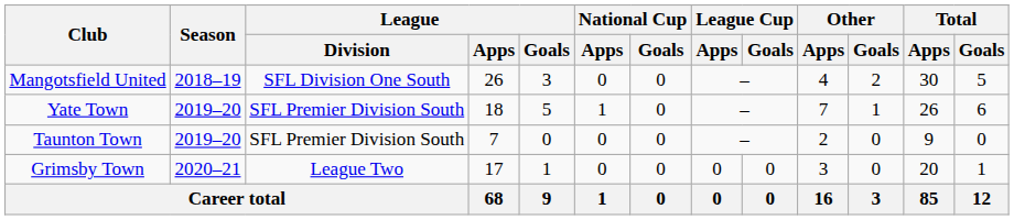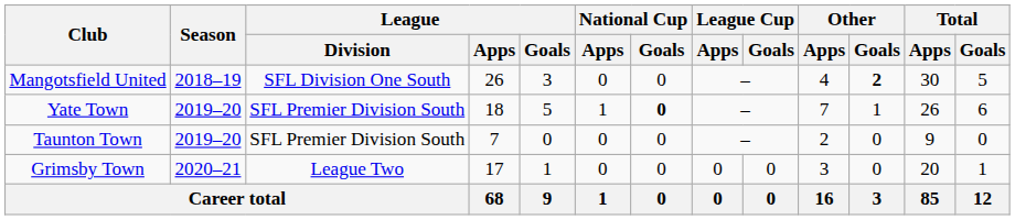 <table class="wikitable" style="text-align: center">
 <tr>
 <th rowspan="2">Club</th>
 <th rowspan="2">Season</th>
 <th colspan="3">League</th>
 <th colspan="2">National Cup</th>
 <th colspan="2">League Cup</th>
 <th colspan="2">Other</th>
 <th colspan="2">Total</th>
 </tr>
 <tr>
 <th>Division</th>
 <th>Apps</th>
 <th>Goals</th>
 <th>Apps</th>
 <th>Goals</th>
 <th>Apps</th>
 <th>Goals</th>
 <th>Apps</th>
 <th>Goals</th>
 <th>Apps</th>
 <th>Goals</th>
 </tr>
 <tr>
 <td><a href='#'>Mangotsfield United</a></td>
 <td><a href='#'>2018–19</a></td>
 <td><a href='#'>SFL Division One South</a></td>
 <td>26</td>
 <td>3</td>
 <td>0</td>
 <td>0</td>
 <td colspan="2">–</td>
 <td>4</td>
-<td>2</td>
+<td><strong>2</strong></td>
 <td>30</td>
 <td>5</td>
 </tr>
 <tr>
 <td><a href='#'>Yate Town</a></td>
 <td><a href='#'>2019–20</a></td>
 <td><a href='#'>SFL Premier Division South</a></td>
 <td>18</td>
 <td>5</td>
 <td>1</td>
-<td>0</td>
+<td><strong>0</strong></td>
 <td colspan="2">–</td>
 <td>7</td>
 <td>1</td>
 <td>26</td>
 <td>6</td>
 </tr>
 <tr>
 <td><a href='#'>Taunton Town</a></td>
 <td><a href='#'>2019–20</a></td>
 <td>SFL Premier Division South</td>
 <td>7</td>
 <td>0</td>
 <td>0</td>
 <td>0</td>
 <td colspan="2">–</td>
 <td>2</td>
 <td>0</td>
 <td>9</td>
 <td>0</td>
 </tr>
 <tr>
 <td><a href='#'>Grimsby Town</a></td>
 <td><a href='#'>2020–21</a></td>
 <td><a href='#'>League Two</a></td>
 <td>17</td>
 <td>1</td>
 <td>0</td>
 <td>0</td>
 <td>0</td>
 <td>0</td>
 <td>3</td>
 <td>0</td>
 <td>20</td>
 <td>1</td>
 </tr>
 <tr>
 <th colspan="3">Career total</th>
 <th>68</th>
 <th>9</th>
 <th>1</th>
 <th>0</th>
 <th>0</th>
 <th>0</th>
 <th>16</th>
 <th>3</th>
 <th>85</th>
 <th>12</th>
 </tr>
 </table>
